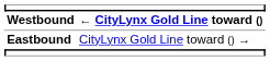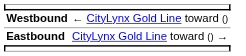 <table table border=0 cellspacing=0 cellpadding=3>
 <tr>
 <td style="border-top:solid 1px gray;border-right:solid 2px black;border-left:solid 2px black;border-bottom:solid 2px black;text-align:center;" colspan=2></td>
 </tr>
 <tr>
 <td style="border-bottom:solid 1px gray;"><span><strong>Westbound</strong></span></td>
-<td style="border-bottom:solid 1px gray;"><strong>← <a href='#'>CityLynx Gold Line</a> toward  <small>()</small></strong></td>
+<td style="border-bottom:solid 1px gray;">← <a href='#'>CityLynx Gold Line</a> toward  <small>()</small></td>
 </tr>
 <tr>
 <td style="border-bottom:solid 0px gray;"><span><strong>Eastbound</strong></span></td>
 <td style="border-bottom:solid 0px gray;"><a href='#'>CityLynx Gold Line</a> toward  <small>()</small> →</td>
 </tr>
 <tr>
 <td style="border-top:solid 2px black;border-right:solid 2px black;border-left:solid 2px black;border-bottom:solid 1px gray;text-align:center;" colspan=2></td>
 </tr>
 </table>
